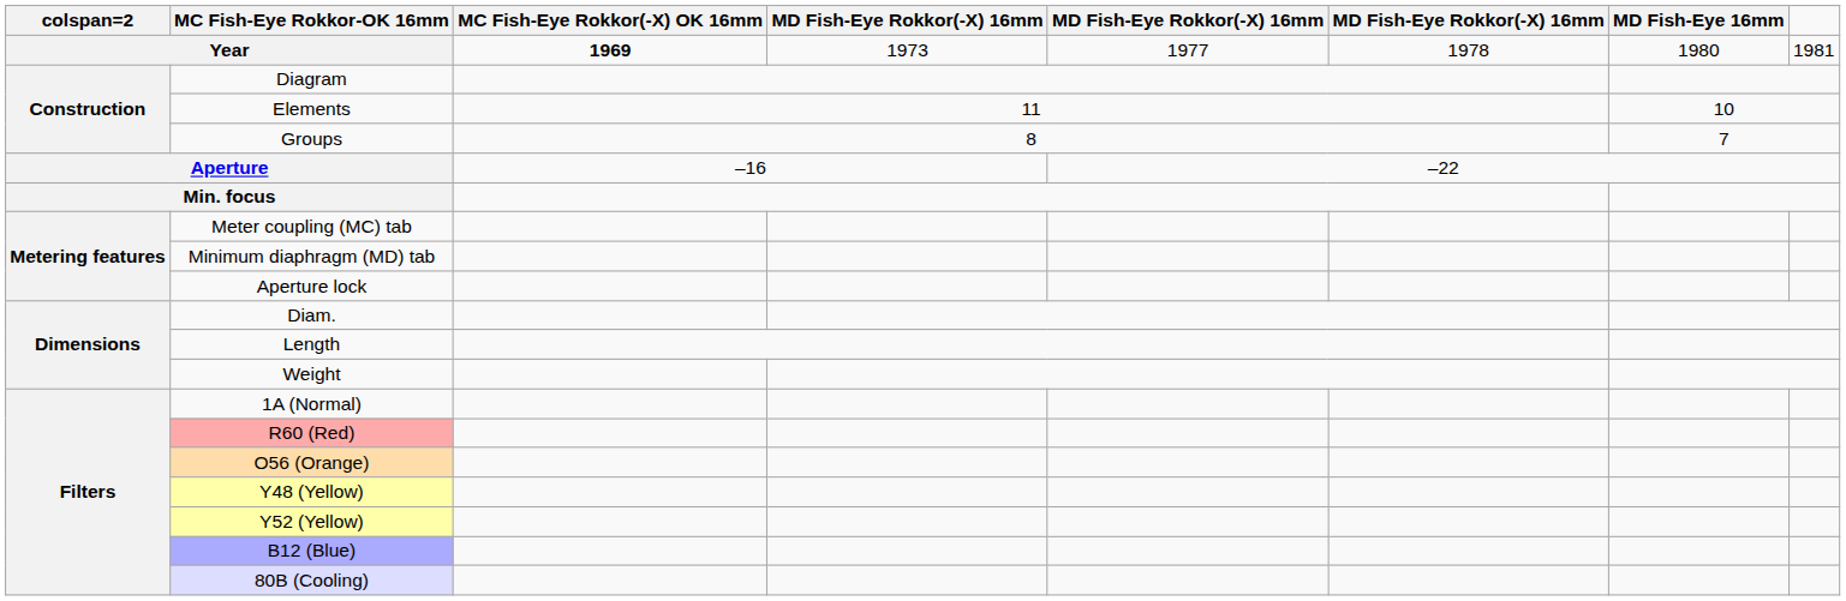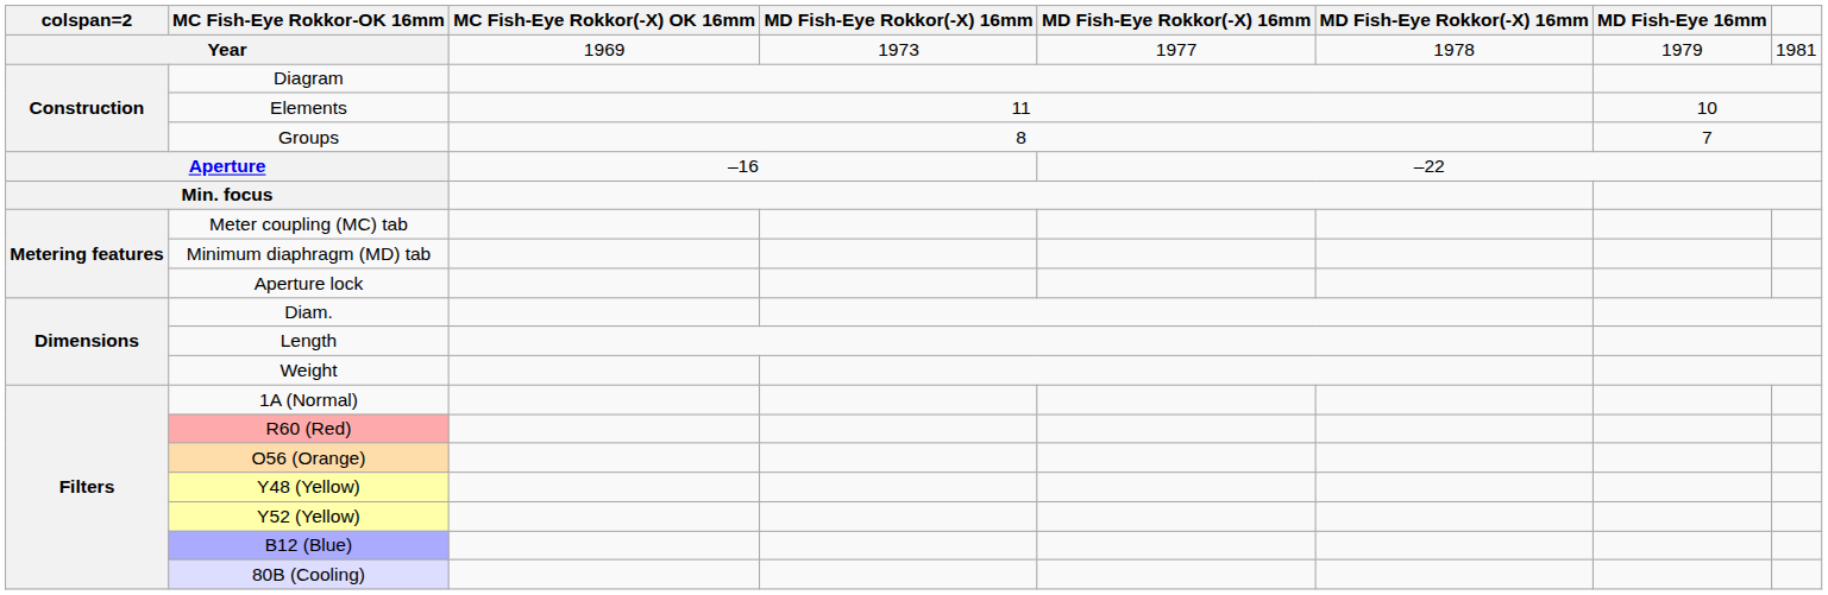 <table class="wikitable" style="font-size:90%;text-align:center;">
 <tr>
 <th>colspan=2 </th>
 <th>MC Fish-Eye Rokkor-OK 16mm </th>
 <th>MC Fish-Eye Rokkor(-X) OK 16mm </th>
 <th>MD Fish-Eye Rokkor(-X) 16mm </th>
 <th>MD Fish-Eye Rokkor(-X) 16mm </th>
 <th>MD Fish-Eye Rokkor(-X) 16mm </th>
 <th>MD Fish-Eye 16mm </th>
 </tr>
 <tr>
 <th colspan=2>Year</th>
-<td><strong>1969</strong></td>
+<td>1969</td>
 <td>1973</td>
 <td>1977</td>
 <td>1978</td>
-<td>1980</td>
+<td>1979</td>
 <td>1981</td>
 </tr>
 <tr>
 <th rowspan=3>Construction</th>
 <td>Diagram</td>
 <td colspan=4></td>
 <td colspan=2></td>
 </tr>
 <tr>
 <td>Elements</td>
 <td colspan=4>11</td>
 <td colspan=2>10</td>
 </tr>
 <tr>
 <td>Groups</td>
 <td colspan=4>8</td>
 <td colspan=2>7</td>
 </tr>
 <tr>
 <th colspan=2><a href='#'>Aperture</a></th>
 <td colspan=2>–16</td>
 <td colspan=4>–22</td>
 </tr>
 <tr>
 <th colspan=2>Min. focus</th>
 <td colspan=4></td>
 <td colspan=2></td>
 </tr>
 <tr>
 <th rowspan=3>Metering features</th>
 <td>Meter coupling (MC) tab</td>
 <td></td>
 <td></td>
 <td></td>
 <td></td>
 <td></td>
 <td></td>
 </tr>
 <tr>
 <td>Minimum diaphragm (MD) tab</td>
 <td></td>
 <td></td>
 <td></td>
 <td></td>
 <td></td>
 <td></td>
 </tr>
 <tr>
 <td>Aperture lock</td>
 <td></td>
 <td></td>
 <td></td>
 <td></td>
 <td></td>
 <td></td>
 </tr>
 <tr>
 <th rowspan=3>Dimensions</th>
 <td>Diam.</td>
 <td></td>
 <td colspan=3></td>
 <td colspan=2></td>
 </tr>
 <tr>
 <td>Length</td>
 <td colspan=4></td>
 <td colspan=2></td>
 </tr>
 <tr>
 <td>Weight</td>
 <td></td>
 <td colspan=3></td>
 <td colspan=2></td>
 </tr>
 <tr>
 <th rowspan=7>Filters</th>
 <td>1A (Normal)</td>
 <td></td>
 <td></td>
 <td></td>
 <td></td>
 <td></td>
 <td></td>
 </tr>
 <tr>
 <td style="background:#faa;">R60 (Red)</td>
 <td></td>
 <td></td>
 <td></td>
 <td></td>
 <td></td>
 <td></td>
 </tr>
 <tr>
 <td style="background:#fda;">O56 (Orange)</td>
 <td></td>
 <td></td>
 <td></td>
 <td></td>
 <td></td>
 <td></td>
 </tr>
 <tr>
 <td style="background:#ffa;">Y48 (Yellow)</td>
 <td></td>
 <td></td>
 <td></td>
 <td></td>
 <td></td>
 <td></td>
 </tr>
 <tr>
 <td style="background:#ffa;">Y52 (Yellow)</td>
 <td></td>
 <td></td>
 <td></td>
 <td></td>
 <td></td>
 <td></td>
 </tr>
 <tr>
 <td style="background:#aaf;">B12 (Blue)</td>
 <td></td>
 <td></td>
 <td></td>
 <td></td>
 <td></td>
 <td></td>
 </tr>
 <tr>
 <td style="background:#ddf;">80B (Cooling)</td>
 <td></td>
 <td></td>
 <td></td>
 <td></td>
 <td></td>
 <td></td>
 </tr>
 </table>
